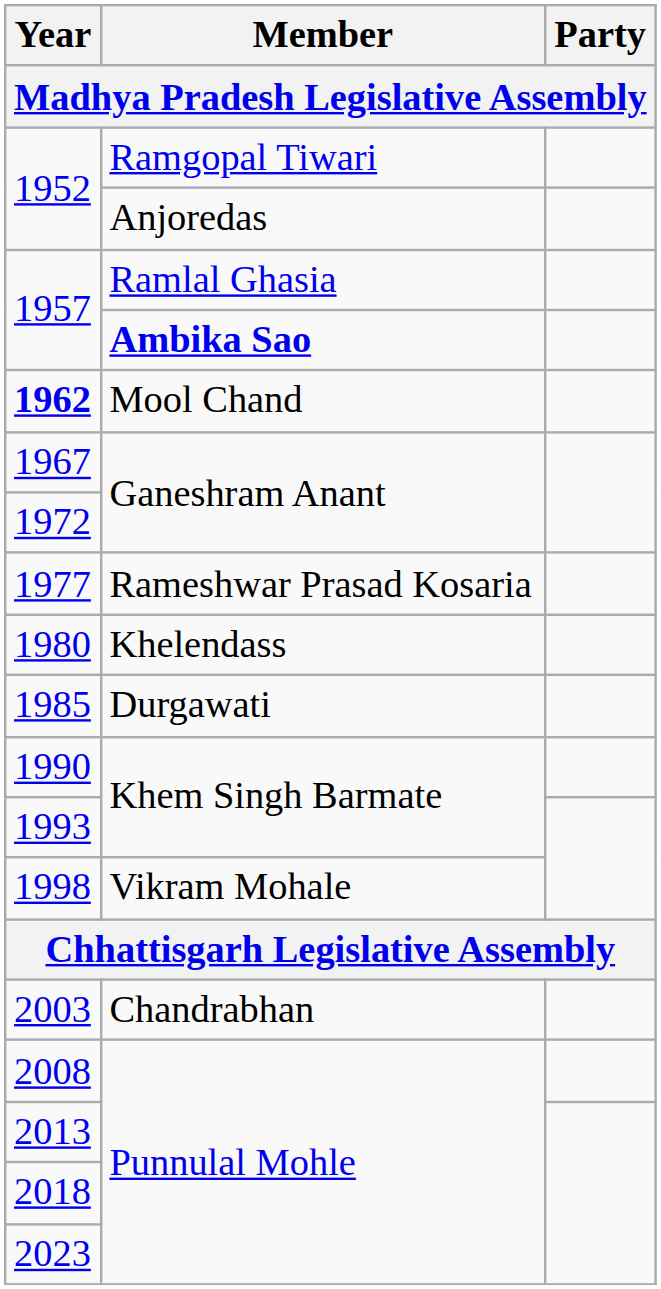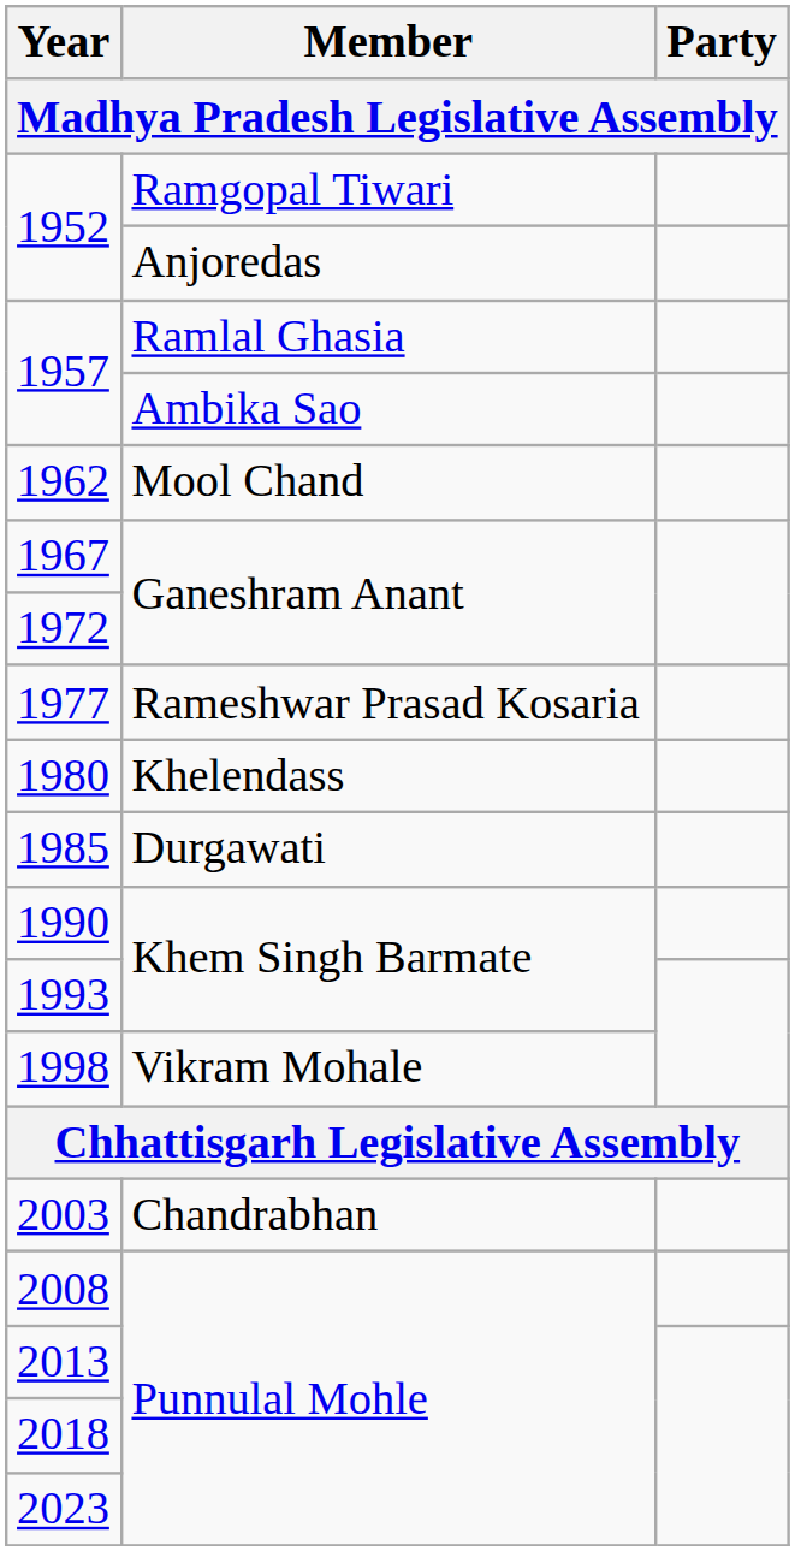 <table class="wikitable sortable">
 <tr>
 <th>Year</th>
 <th>Member</th>
 <th colspan="2">Party</th>
 </tr>
 <tr>
 <th colspan=4><a href='#'>Madhya Pradesh Legislative Assembly</a></th>
 </tr>
 <tr>
 <td rowspan=2><a href='#'>1952</a></td>
 <td><a href='#'>Ramgopal Tiwari</a></td>
 <td></td>
 </tr>
 <tr>
 <td>Anjoredas</td>
 </tr>
 <tr>
 <td rowspan=2><a href='#'>1957</a></td>
 <td><a href='#'>Ramlal Ghasia</a></td>
 <td></td>
 </tr>
 <tr>
-<td><strong><a href='#'>Ambika Sao</a></strong></td>
+<td><a href='#'>Ambika Sao</a></td>
 </tr>
 <tr>
-<td><strong><a href='#'>1962</a></strong></td>
+<td><a href='#'>1962</a></td>
 <td>Mool Chand</td>
 <td></td>
 </tr>
 <tr>
 <td><a href='#'>1967</a></td>
 <td rowspan=2>Ganeshram Anant</td>
 </tr>
 <tr>
 <td><a href='#'>1972</a></td>
 </tr>
 <tr>
 <td><a href='#'>1977</a></td>
 <td>Rameshwar Prasad Kosaria</td>
 <td></td>
 </tr>
 <tr>
 <td><a href='#'>1980</a></td>
 <td>Khelendass</td>
 <td></td>
 </tr>
 <tr>
 <td><a href='#'>1985</a></td>
 <td>Durgawati</td>
 <td></td>
 </tr>
 <tr>
 <td><a href='#'>1990</a></td>
 <td rowspan=2>Khem Singh Barmate</td>
 <td></td>
 </tr>
 <tr>
 <td><a href='#'>1993</a></td>
 </tr>
 <tr>
 <td><a href='#'>1998</a></td>
 <td>Vikram Mohale</td>
 </tr>
 <tr>
 <th colspan=4><a href='#'>Chhattisgarh Legislative Assembly</a></th>
 </tr>
 <tr>
 <td><a href='#'>2003</a></td>
 <td>Chandrabhan</td>
 <td></td>
 </tr>
 <tr>
 <td><a href='#'>2008</a></td>
 <td rowspan="4"><a href='#'>Punnulal Mohle</a></td>
 <td></td>
 </tr>
 <tr>
 <td><a href='#'>2013</a></td>
 </tr>
 <tr>
 <td><a href='#'>2018</a></td>
 </tr>
 <tr>
 <td><a href='#'>2023</a></td>
 </tr>
 </table>
